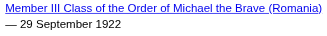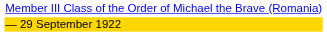 <table>
 <tr>
 <td rowspan=2 style="width:60px; vertical-align:top;"></td>
 <td><a href='#'>Member III Class of the Order of Michael the Brave (Romania)</a></td>
 </tr>
 <tr>
-<td>— 29 September 1922</td>
+<td style="background: gold;">— 29 September 1922</td>
 </tr>
 </table>
